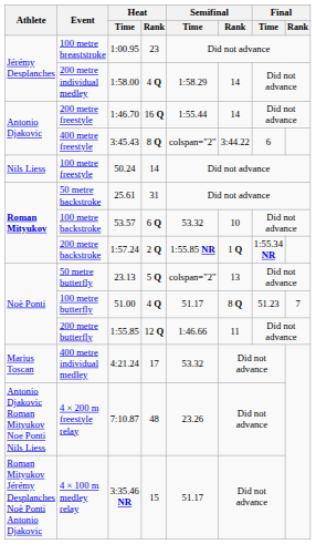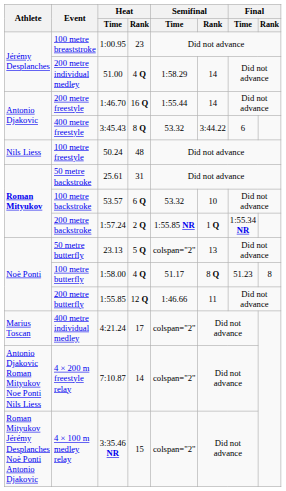 <table class=wikitable  style="text-align:center; font-size:90%; width:50%;">
 <tr>
 <th rowspan="2">Athlete</th>
 <th rowspan="2">Event</th>
 <th colspan="2">Heat</th>
 <th colspan="2">Semifinal</th>
 <th colspan="2">Final</th>
 </tr>
 <tr style="font-size:95%">
 <th>Time</th>
 <th>Rank</th>
 <th>Time</th>
 <th>Rank</th>
 <th>Time</th>
 <th>Rank</th>
 </tr>
 <tr align=center>
 <td align=left rowspan=2><a href='#'>Jérémy Desplanches</a></td>
 <td align=left><a href='#'>100 metre breaststroke</a></td>
 <td>1:00.95</td>
 <td>23</td>
 <td colspan=4>Did not advance</td>
 </tr>
 <tr align=center>
 <td align=left><a href='#'>200 metre individual medley</a></td>
-<td>1:58.00</td>
+<td>51.00</td>
 <td>4 <strong>Q</strong></td>
 <td>1:58.29</td>
 <td>14</td>
 <td colspan=2>Did not advance</td>
 </tr>
 <tr align=center>
 <td align=left rowspan="2"><a href='#'>Antonio Djakovic</a></td>
 <td align=left><a href='#'>200 metre freestyle</a></td>
 <td>1:46.70</td>
 <td>16 <strong>Q</strong></td>
 <td>1:55.44</td>
 <td>14</td>
 <td colspan="2">Did not advance</td>
 </tr>
 <tr align=center>
 <td align=left><a href='#'>400 metre freestyle</a></td>
 <td>3:45.43</td>
 <td>8 <strong>Q</strong></td>
-<td>colspan="2" </td>
+<td>53.32</td>
 <td>3:44.22</td>
 <td>6</td>
 </tr>
 <tr>
 <td align=left><a href='#'>Nils Liess</a></td>
 <td align=left><a href='#'>100 metre freestyle</a></td>
 <td>50.24</td>
-<td>14</td>
+<td>48</td>
 <td colspan=4>Did not advance</td>
 </tr>
 <tr>
 <td align=left rowspan=3><strong><a href='#'>Roman Mityukov</a></strong></td>
 <td align=left><a href='#'>50 metre backstroke</a></td>
 <td>25.61</td>
 <td>31</td>
 <td colspan=4>Did not advance</td>
 </tr>
 <tr>
 <td align=left><a href='#'>100 metre backstroke</a></td>
 <td>53.57</td>
 <td>6 <strong>Q</strong></td>
 <td>53.32</td>
 <td>10</td>
 <td colspan="2">Did not advance</td>
 </tr>
 <tr>
 <td align=left><a href='#'>200 metre backstroke</a></td>
 <td>1:57.24</td>
 <td>2 <strong>Q</strong></td>
 <td>1:55.85 <strong><a href='#'>NR</a></strong></td>
 <td>1 <strong>Q</strong></td>
 <td>1:55.34 <strong><a href='#'>NR</a></strong></td>
 <td></td>
 </tr>
 <tr>
 <td align=left rowspan=3><a href='#'>Noè Ponti</a></td>
 <td align=left><a href='#'>50 metre butterfly</a></td>
 <td>23.13</td>
 <td>5 <strong>Q</strong></td>
 <td>colspan="2" </td>
 <td>13</td>
 <td colspan="2">Did not advance</td>
 </tr>
 <tr>
 <td align=left><a href='#'>100 metre butterfly</a></td>
-<td>51.00</td>
+<td>1:58.00</td>
 <td>4 <strong>Q</strong></td>
 <td>51.17</td>
 <td>8 <strong>Q</strong></td>
 <td>51.23</td>
-<td>7</td>
+<td>8</td>
 </tr>
 <tr>
 <td align=left><a href='#'>200 metre butterfly</a></td>
 <td>1:55.85</td>
 <td>12 <strong>Q</strong></td>
 <td>1:46.66</td>
 <td>11</td>
 <td colspan="2">Did not advance</td>
 </tr>
 <tr align=center>
 <td align=left><a href='#'>Marius Toscan</a></td>
 <td align=left><a href='#'>400 metre individual medley</a></td>
 <td>4:21.24</td>
 <td>17</td>
-<td>53.32</td>
+<td>colspan="2" </td>
 <td colspan="2">Did not advance</td>
 </tr>
 <tr>
 <td align=left><a href='#'>Antonio Djakovic</a>  <br><a href='#'>Roman Mityukov</a>  <br><a href='#'>Noe Ponti</a>  <br><a href='#'>Nils Liess</a></td>
 <td align=left><a href='#'>4 × 200 m freestyle relay</a></td>
 <td>7:10.87</td>
-<td>48</td>
-<td>23.26</td>
+<td>14</td>
+<td>colspan="2" </td>
 <td colspan="2">Did not advance</td>
 </tr>
 <tr>
 <td align=left><a href='#'>Roman Mityukov</a><br><a href='#'>Jérémy Desplanches</a><br><a href='#'>Noè Ponti</a> <br><a href='#'>Antonio Djakovic</a></td>
 <td align=left><a href='#'>4 × 100 m medley relay</a></td>
 <td>3:35.46 <strong><a href='#'>NR</a></strong></td>
 <td>15</td>
-<td>51.17</td>
+<td>colspan="2" </td>
 <td colspan=2>Did not advance</td>
 </tr>
 </table>
